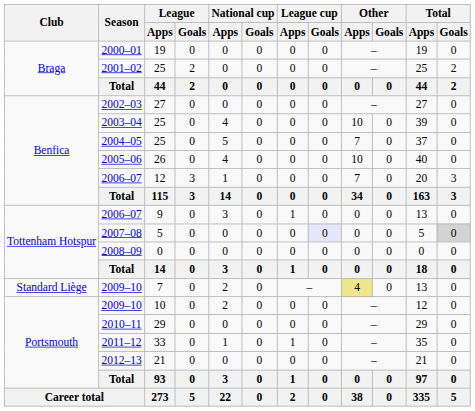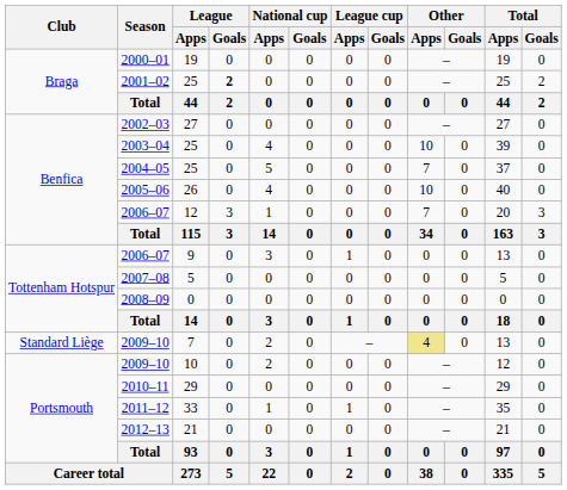 <table class="wikitable" style="text-align:center">
 <tr>
 <th rowspan="2">Club</th>
 <th rowspan="2">Season</th>
 <th colspan="2">League</th>
 <th colspan="2">National cup</th>
 <th colspan="2">League cup</th>
 <th colspan="2">Other</th>
 <th colspan="2">Total</th>
 </tr>
 <tr>
 <th>Apps</th>
 <th>Goals</th>
 <th>Apps</th>
 <th>Goals</th>
 <th>Apps</th>
 <th>Goals</th>
 <th>Apps</th>
 <th>Goals</th>
 <th>Apps</th>
 <th>Goals</th>
 </tr>
 <tr>
 <td rowspan="3"><a href='#'>Braga</a></td>
 <td><a href='#'>2000–01</a></td>
 <td>19</td>
 <td>0</td>
 <td>0</td>
 <td>0</td>
 <td>0</td>
 <td>0</td>
 <td colspan="2">–</td>
 <td>19</td>
 <td>0</td>
 </tr>
 <tr>
 <td><a href='#'>2001–02</a></td>
 <td>25</td>
-<td>2</td>
+<td><strong>2</strong></td>
 <td>0</td>
 <td>0</td>
 <td>0</td>
 <td>0</td>
 <td colspan="2">–</td>
 <td>25</td>
 <td>2</td>
 </tr>
 <tr>
 <th colspan="1">Total</th>
 <th>44</th>
 <th>2</th>
 <th>0</th>
 <th>0</th>
 <th>0</th>
 <th>0</th>
 <th>0</th>
 <th>0</th>
 <th>44</th>
 <th>2</th>
 </tr>
 <tr>
 <td rowspan="6"><a href='#'>Benfica</a></td>
 <td><a href='#'>2002–03</a></td>
 <td>27</td>
 <td>0</td>
 <td>0</td>
 <td>0</td>
 <td>0</td>
 <td>0</td>
 <td colspan="2">–</td>
 <td>27</td>
 <td>0</td>
 </tr>
 <tr>
 <td><a href='#'>2003–04</a></td>
 <td>25</td>
 <td>0</td>
 <td>4</td>
 <td>0</td>
 <td>0</td>
 <td>0</td>
 <td>10</td>
 <td>0</td>
 <td>39</td>
 <td>0</td>
 </tr>
 <tr>
 <td><a href='#'>2004–05</a></td>
 <td>25</td>
 <td>0</td>
 <td>5</td>
 <td>0</td>
 <td>0</td>
 <td>0</td>
 <td>7</td>
 <td>0</td>
 <td>37</td>
 <td>0</td>
 </tr>
 <tr>
 <td><a href='#'>2005–06</a></td>
 <td>26</td>
 <td>0</td>
 <td>4</td>
 <td>0</td>
 <td>0</td>
 <td>0</td>
 <td>10</td>
 <td>0</td>
 <td>40</td>
 <td>0</td>
 </tr>
 <tr>
 <td><a href='#'>2006–07</a></td>
 <td>12</td>
 <td>3</td>
 <td>1</td>
 <td>0</td>
 <td>0</td>
 <td>0</td>
 <td>7</td>
 <td>0</td>
 <td>20</td>
 <td>3</td>
 </tr>
 <tr>
 <th colspan="1">Total</th>
 <th>115</th>
 <th>3</th>
 <th>14</th>
 <th>0</th>
 <th>0</th>
 <th>0</th>
 <th>34</th>
 <th>0</th>
 <th>163</th>
 <th>3</th>
 </tr>
 <tr>
 <td rowspan="4"><a href='#'>Tottenham Hotspur</a></td>
 <td><a href='#'>2006–07</a></td>
 <td>9</td>
 <td>0</td>
 <td>3</td>
 <td>0</td>
 <td>1</td>
 <td>0</td>
 <td>0</td>
 <td>0</td>
 <td>13</td>
 <td>0</td>
 </tr>
 <tr>
 <td><a href='#'>2007–08</a></td>
 <td>5</td>
 <td>0</td>
 <td>0</td>
 <td>0</td>
 <td>0</td>
-<td style="background: lavender;">0</td>
+<td>0</td>
 <td>0</td>
 <td>0</td>
 <td>5</td>
-<td style="background: lightgrey;">0</td>
+<td>0</td>
 </tr>
 <tr>
 <td><a href='#'>2008–09</a></td>
 <td>0</td>
 <td>0</td>
 <td>0</td>
 <td>0</td>
 <td>0</td>
 <td>0</td>
 <td>0</td>
 <td>0</td>
 <td>0</td>
 <td>0</td>
 </tr>
 <tr>
 <th colspan="1">Total</th>
 <th>14</th>
 <th>0</th>
 <th>3</th>
 <th>0</th>
 <th>1</th>
 <th>0</th>
 <th>0</th>
 <th>0</th>
 <th>18</th>
 <th>0</th>
 </tr>
 <tr>
 <td><a href='#'>Standard Liège</a></td>
 <td><a href='#'>2009–10</a></td>
 <td>7</td>
 <td>0</td>
 <td>2</td>
 <td>0</td>
 <td colspan="2">–</td>
 <td style="background: khaki;">4</td>
 <td>0</td>
 <td>13</td>
 <td>0</td>
 </tr>
 <tr>
 <td rowspan="5"><a href='#'>Portsmouth</a></td>
 <td><a href='#'>2009–10</a></td>
 <td>10</td>
 <td>0</td>
 <td>2</td>
 <td>0</td>
 <td>0</td>
 <td>0</td>
 <td colspan="2">–</td>
 <td>12</td>
 <td>0</td>
 </tr>
 <tr>
 <td><a href='#'>2010–11</a></td>
 <td>29</td>
 <td>0</td>
 <td>0</td>
 <td>0</td>
 <td>0</td>
 <td>0</td>
 <td colspan="2">–</td>
 <td>29</td>
 <td>0</td>
 </tr>
 <tr>
 <td><a href='#'>2011–12</a></td>
 <td>33</td>
 <td>0</td>
 <td>1</td>
 <td>0</td>
 <td>1</td>
 <td>0</td>
 <td colspan="2">–</td>
 <td>35</td>
 <td>0</td>
 </tr>
 <tr>
 <td><a href='#'>2012–13</a></td>
 <td>21</td>
 <td>0</td>
 <td>0</td>
 <td>0</td>
 <td>0</td>
 <td>0</td>
 <td colspan="2">–</td>
 <td>21</td>
 <td>0</td>
 </tr>
 <tr>
 <th colspan="1">Total</th>
 <th>93</th>
 <th>0</th>
 <th>3</th>
 <th>0</th>
 <th>1</th>
 <th>0</th>
 <th>0</th>
 <th>0</th>
 <th>97</th>
 <th>0</th>
 </tr>
 <tr>
 <th colspan="2">Career total</th>
 <th>273</th>
 <th>5</th>
 <th>22</th>
 <th>0</th>
 <th>2</th>
 <th>0</th>
 <th>38</th>
 <th>0</th>
 <th>335</th>
 <th>5</th>
 </tr>
 </table>
